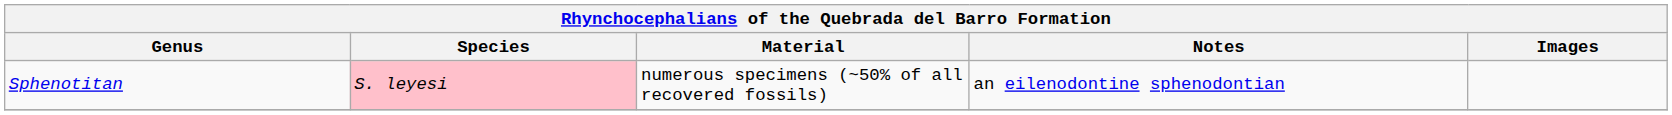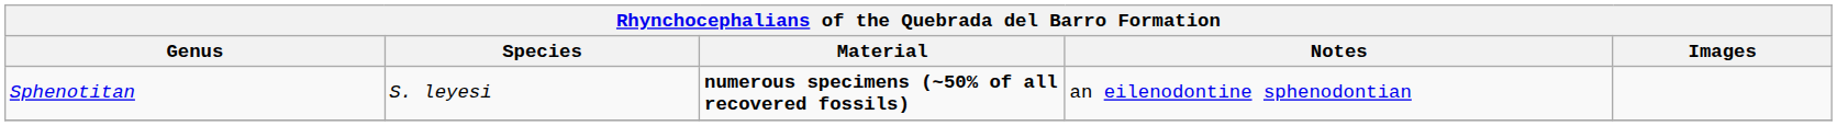 <table class="wikitable" align="center">
 <tr>
 <th colspan="7" align="center"><strong><a href='#'>Rhynchocephalians</a> of the Quebrada del Barro Formation</strong></th>
 </tr>
 <tr>
 <th>Genus</th>
 <th>Species</th>
 <th width="20%">Material</th>
 <th width="30%">Notes</th>
 <th>Images</th>
 </tr>
 <tr>
 <td><em><a href='#'>Sphenotitan</a></em></td>
-<td style="background: pink;"><em>S. leyesi</em></td>
-<td>numerous specimens (~50% of all recovered fossils)</td>
+<td><em>S. leyesi</em></td>
+<td><strong>numerous specimens (~50% of all recovered fossils)</strong></td>
 <td>an <a href='#'>eilenodontine</a> <a href='#'>sphenodontian</a></td>
 <td></td>
 </tr>
 <tr>
 </tr>
 </table>
